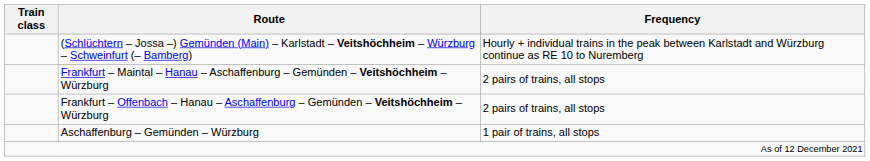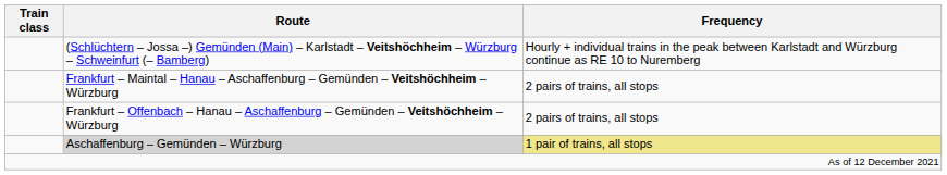 <table class="wikitable">
 <tr>
 <th>Train class</th>
 <th>Route</th>
 <th>Frequency</th>
 </tr>
 <tr>
 <td align="center"></td>
 <td>(<a href='#'>Schlüchtern</a> – Jossa –) <a href='#'>Gemünden (Main)</a> – Karlstadt – <strong>Veitshöchheim</strong> – <a href='#'>Würzburg</a> – <a href='#'>Schweinfurt</a> (– <a href='#'>Bamberg</a>)</td>
 <td>Hourly + individual trains in the peak between Karlstadt and Würzburg continue as RE 10 to Nuremberg</td>
 </tr>
 <tr>
 <td align="center"></td>
 <td><a href='#'>Frankfurt</a> – Maintal – <a href='#'>Hanau</a> – Aschaffenburg – Gemünden – <strong>Veitshöchheim</strong> – Würzburg</td>
 <td>2 pairs of trains, all stops</td>
 </tr>
 <tr>
 <td align="center"></td>
 <td>Frankfurt – <a href='#'>Offenbach</a> – Hanau – <a href='#'>Aschaffenburg</a> – Gemünden – <strong>Veitshöchheim</strong> – Würzburg</td>
 <td>2 pairs of trains, all stops</td>
 </tr>
 <tr>
 <td align="center"></td>
-<td>Aschaffenburg – Gemünden – Würzburg</td>
-<td>1 pair of trains, all stops</td>
+<td style="background: lightgrey;">Aschaffenburg – Gemünden – Würzburg</td>
+<td style="background: khaki;">1 pair of trains, all stops</td>
 </tr>
 <tr>
 <td colspan="3" style="text-align:right; font-size:smaller;">As of 12 December 2021</td>
 </tr>
 </table>
